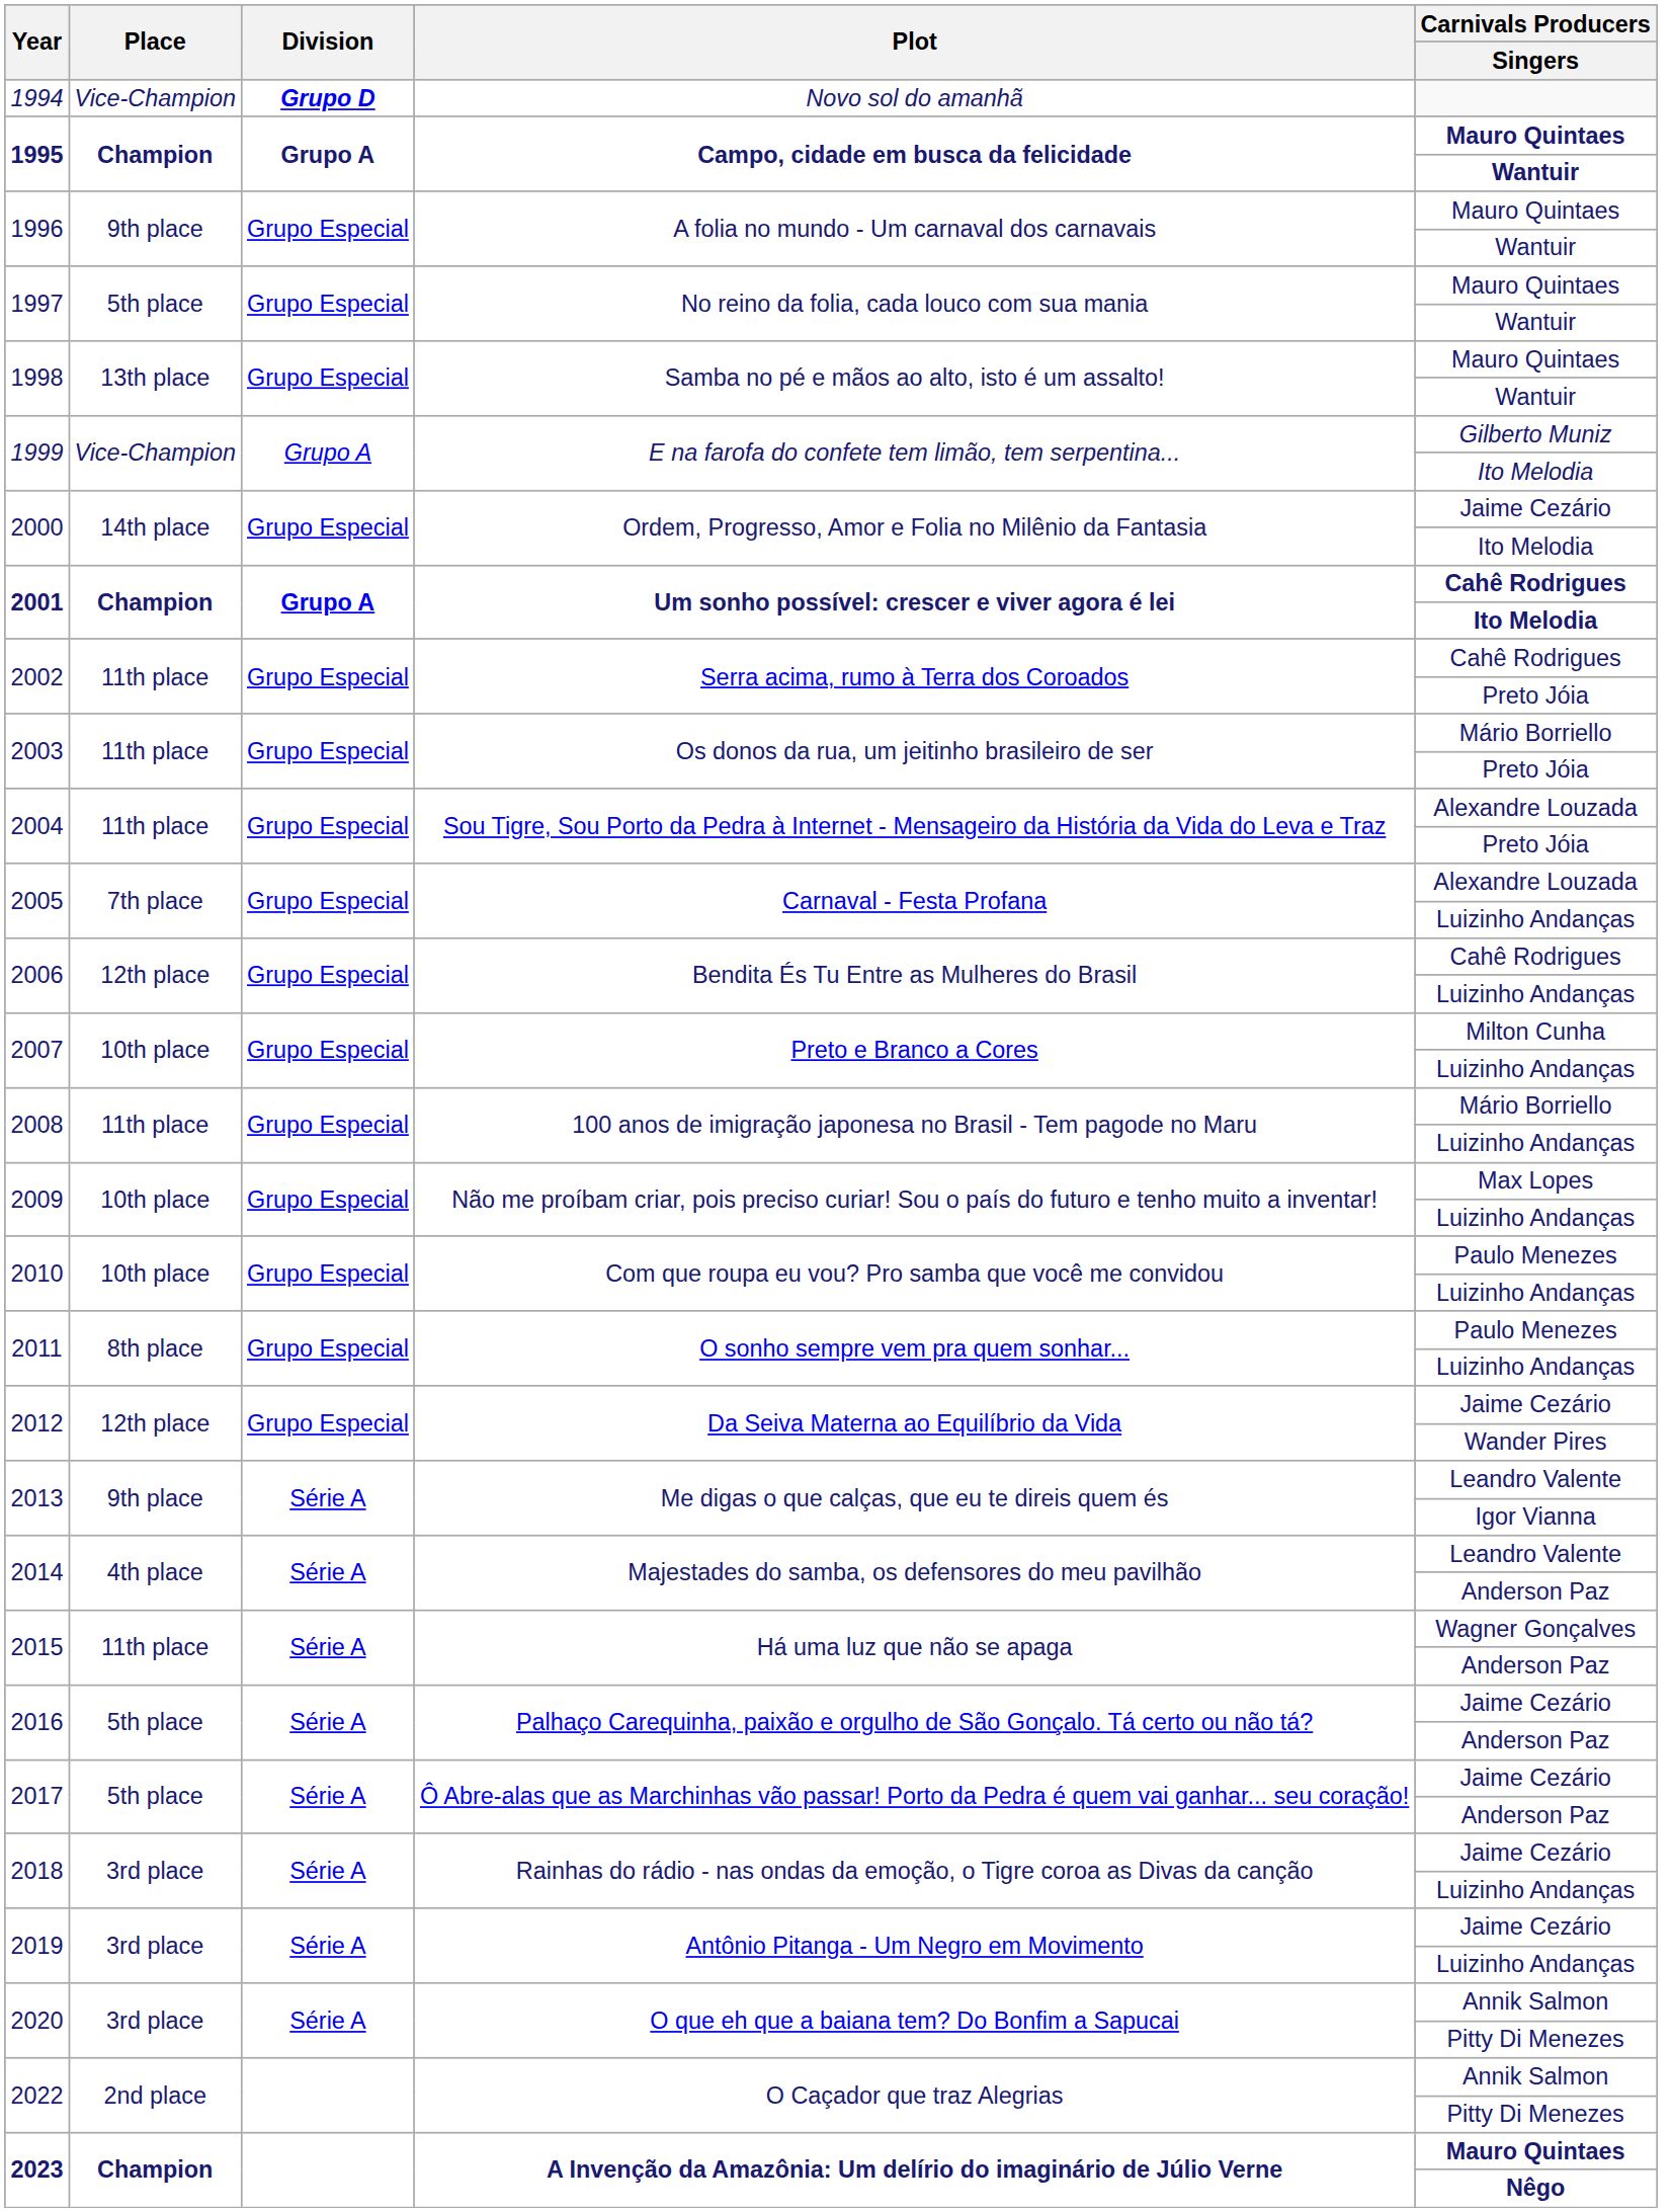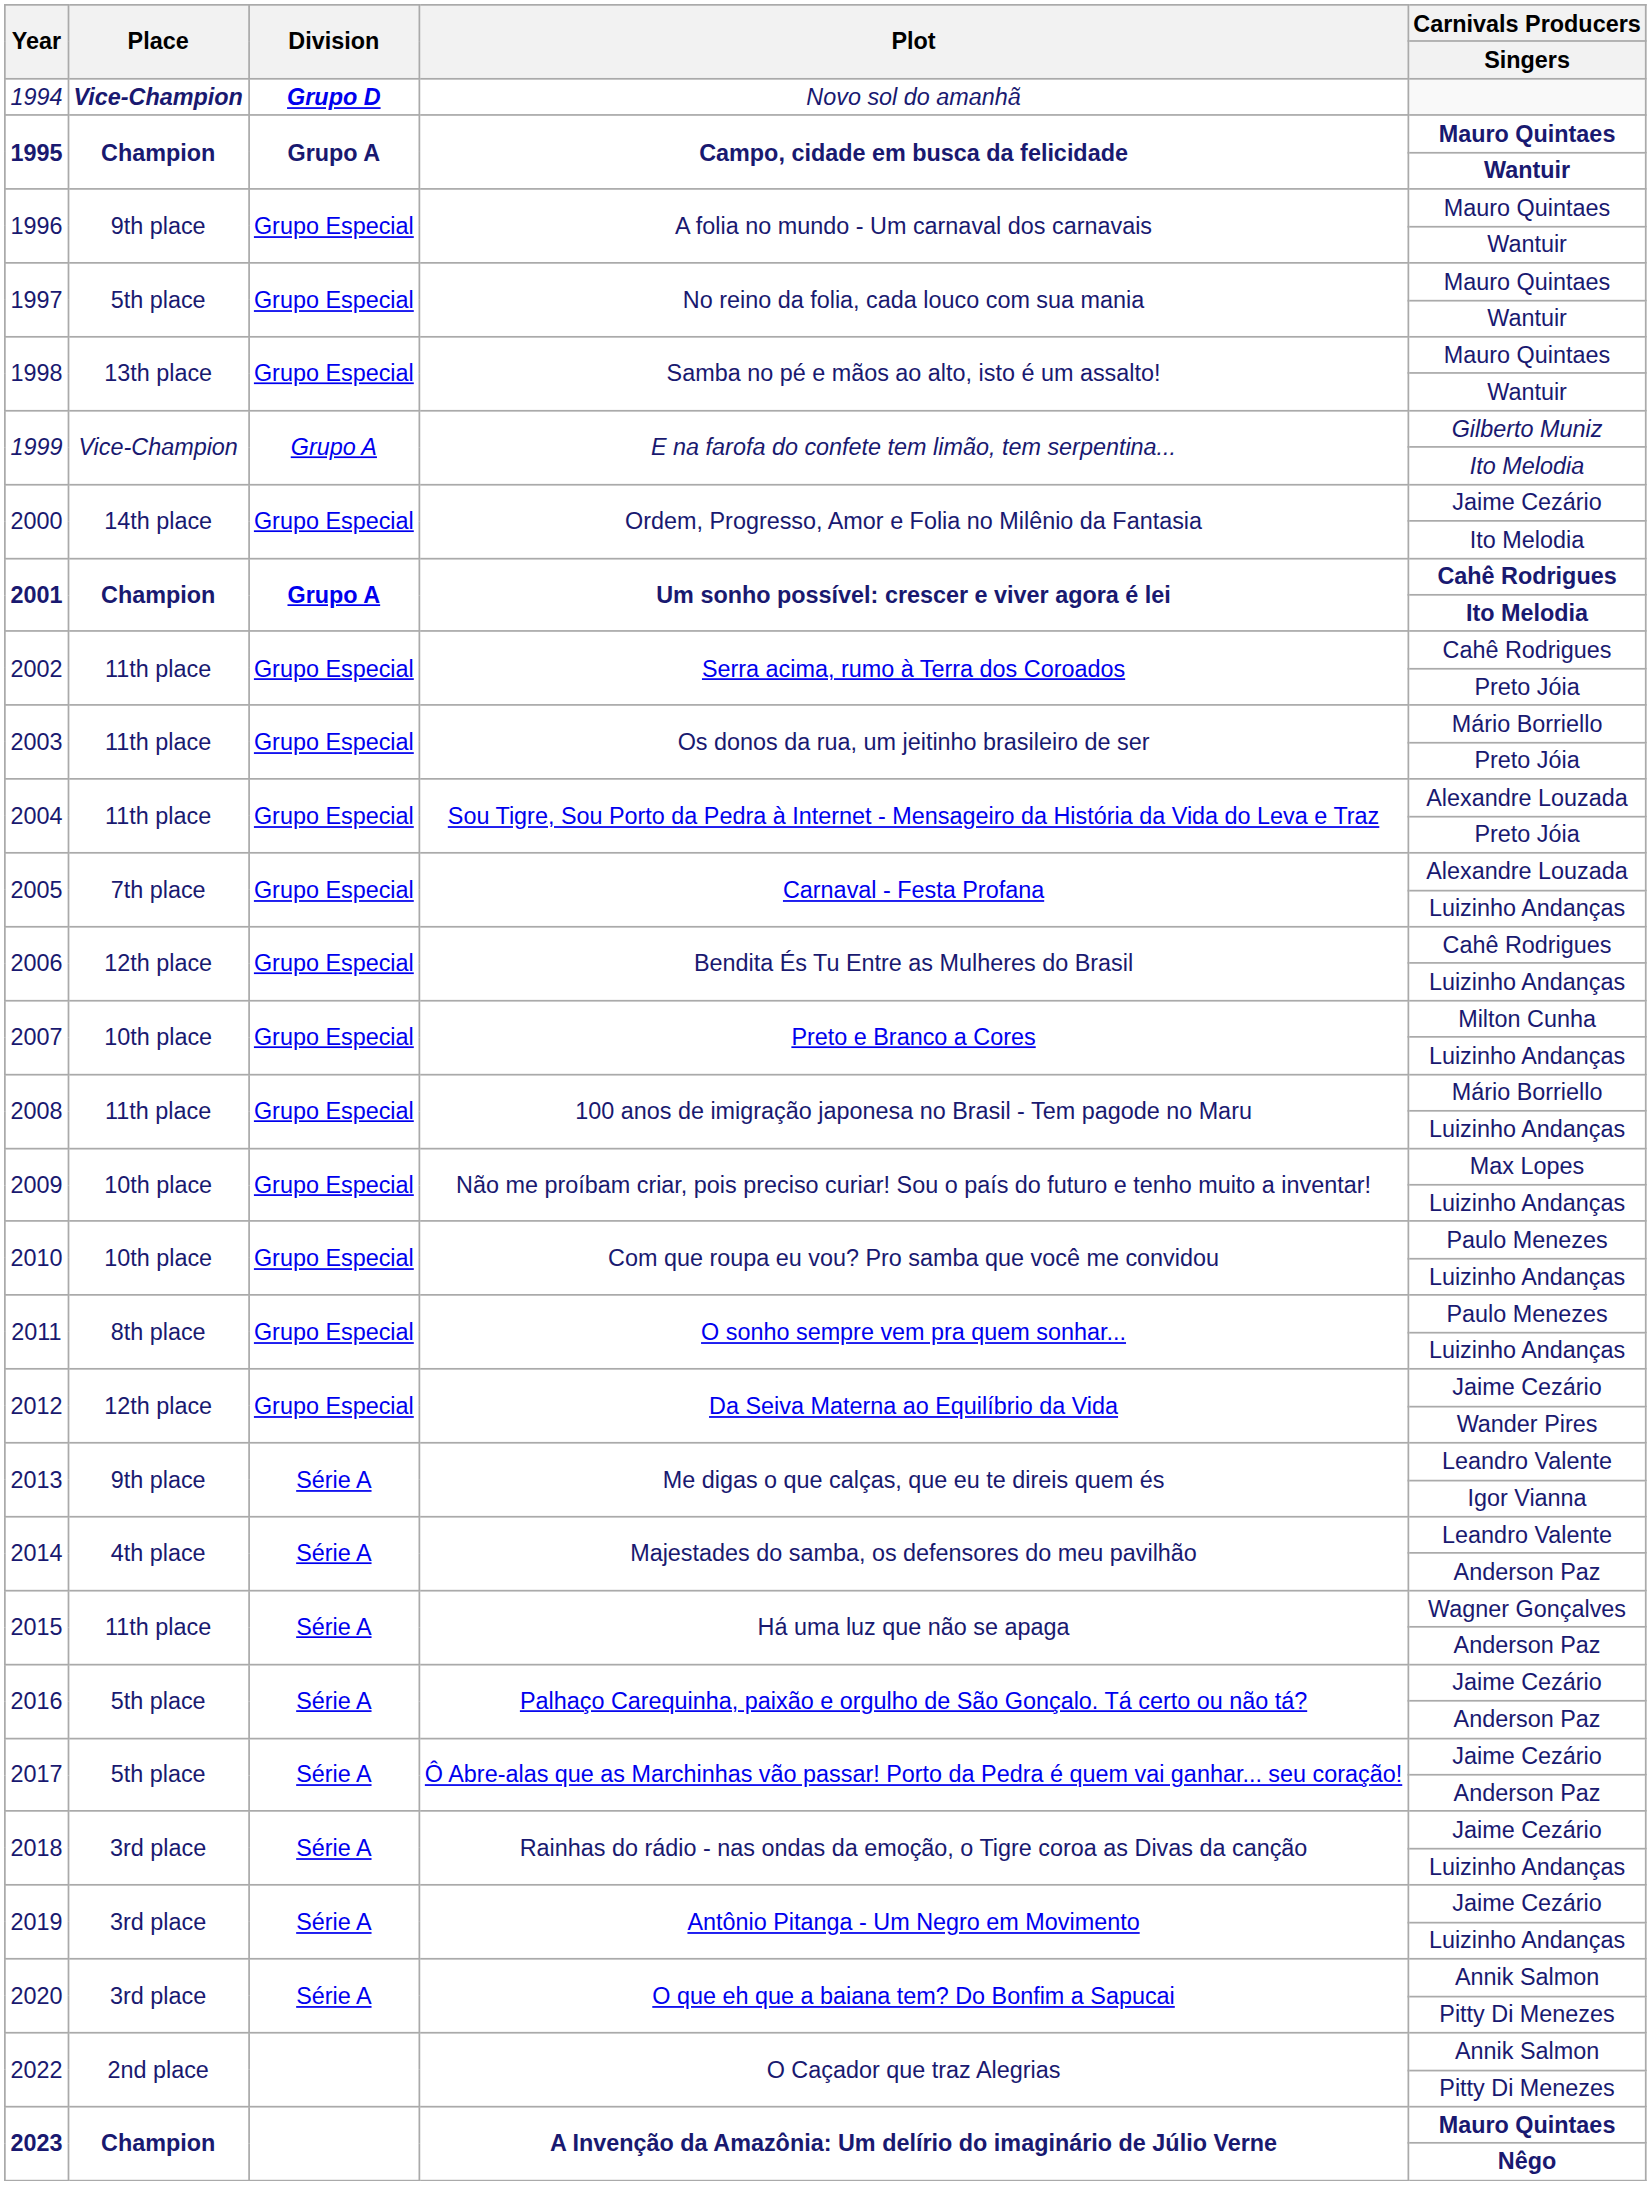 <table class="wikitable sortable" style="text-align:center; font-size:85%">
 <tr align="center">
 <th rowspan="2">Year</th>
 <th rowspan="2">Place</th>
 <th rowspan="2">Division</th>
 <th rowspan="2">Plot</th>
 <th>Carnivals Producers</th>
 </tr>
 <tr align="center">
 <th>Singers</th>
 </tr>
 <tr style="background-color:white; color:midnightblue">
 <td><em>1994</em></td>
-<td><em>Vice-Champion</em></td>
+<td><strong><em>Vice-Champion</em></strong></td>
 <td><strong><em><a href='#'>Grupo D</a></em></strong></td>
 <td><em>Novo sol do amanhã</em></td>
 </tr>
 <tr style="background-color:white; color:midnightblue">
 <td rowspan="2"><strong>1995</strong></td>
 <td rowspan="2"><strong>Champion</strong></td>
 <td rowspan="2"><strong><span>Grupo A</span></strong></td>
 <td rowspan="2"><strong>Campo, cidade em busca da felicidade</strong></td>
 <td><strong>Mauro Quintaes</strong></td>
 </tr>
 <tr style="background-color:white; color:midnightblue">
 <td><strong>Wantuir</strong></td>
 </tr>
 <tr style="background-color:white; color:midnightblue">
 <td rowspan="2">1996</td>
 <td rowspan="2">9th place</td>
 <td rowspan="2"><a href='#'>Grupo Especial</a></td>
 <td rowspan="2">A folia no mundo - Um carnaval dos carnavais</td>
 <td>Mauro Quintaes</td>
 </tr>
 <tr style="background-color:white; color:midnightblue">
 <td>Wantuir</td>
 </tr>
 <tr style="background-color:white; color:midnightblue">
 <td rowspan="2">1997</td>
 <td rowspan="2">5th place</td>
 <td rowspan="2"><a href='#'>Grupo Especial</a></td>
 <td rowspan="2">No reino da folia, cada louco com sua mania</td>
 <td>Mauro Quintaes</td>
 </tr>
 <tr style="background-color:white; color:midnightblue">
 <td>Wantuir</td>
 </tr>
 <tr style="background-color:white; color:midnightblue">
 <td rowspan="2">1998</td>
 <td rowspan="2">13th place</td>
 <td rowspan="2"><a href='#'>Grupo Especial</a></td>
 <td rowspan="2">Samba no pé e mãos ao alto, isto é um assalto!</td>
 <td>Mauro Quintaes</td>
 </tr>
 <tr style="background-color:white; color:midnightblue">
 <td>Wantuir</td>
 </tr>
 <tr style="background-color:white; color:midnightblue">
 <td rowspan="2"><em>1999</em></td>
 <td rowspan="2"><em>Vice-Champion</em></td>
 <td rowspan="2"><em><a href='#'>Grupo A</a></em></td>
 <td rowspan="2"><em>E na farofa do confete tem limão, tem serpentina...</em></td>
 <td><em>Gilberto Muniz</em></td>
 </tr>
 <tr style="background-color:white; color:midnightblue">
 <td><em>Ito Melodia</em></td>
 </tr>
 <tr style="background-color:white; color:midnightblue">
 <td rowspan="2">2000</td>
 <td rowspan="2">14th place</td>
 <td rowspan="2"><a href='#'>Grupo Especial</a></td>
 <td rowspan="2">Ordem, Progresso, Amor e Folia no Milênio da Fantasia</td>
 <td>Jaime Cezário</td>
 </tr>
 <tr style="background-color:white; color:midnightblue">
 <td>Ito Melodia</td>
 </tr>
 <tr style="background-color:white; color:midnightblue">
 <td rowspan="2"><strong>2001</strong></td>
 <td rowspan="2"><strong>Champion</strong></td>
 <td rowspan="2"><strong><a href='#'>Grupo A</a></strong></td>
 <td rowspan="2"><strong>Um sonho possível: crescer e viver agora é lei</strong></td>
 <td><strong>Cahê Rodrigues</strong></td>
 </tr>
 <tr style="background-color:white; color:midnightblue">
 <td><strong>Ito Melodia</strong></td>
 </tr>
 <tr style="background-color:white; color:midnightblue">
 <td rowspan="2">2002</td>
 <td rowspan="2">11th place</td>
 <td rowspan="2"><a href='#'>Grupo Especial</a></td>
 <td rowspan="2"><a href='#'>Serra acima, rumo à Terra dos Coroados</a></td>
 <td>Cahê Rodrigues</td>
 </tr>
 <tr style="background-color:white; color:midnightblue">
 <td>Preto Jóia</td>
 </tr>
 <tr style="background-color:white; color:midnightblue">
 <td rowspan="2">2003</td>
 <td rowspan="2">11th place</td>
 <td rowspan="2"><a href='#'>Grupo Especial</a></td>
 <td rowspan="2">Os donos da rua, um jeitinho brasileiro de ser</td>
 <td>Mário Borriello</td>
 </tr>
 <tr style="background-color:white; color:midnightblue">
 <td>Preto Jóia</td>
 </tr>
 <tr style="background-color:white; color:midnightblue">
 <td rowspan="2">2004</td>
 <td rowspan="2">11th place</td>
 <td rowspan="2"><a href='#'>Grupo Especial</a></td>
 <td rowspan="2"><a href='#'>Sou Tigre, Sou Porto da Pedra à Internet - Mensageiro da História da Vida do Leva e Traz</a></td>
 <td>Alexandre Louzada</td>
 </tr>
 <tr style="background-color:white; color:midnightblue">
 <td>Preto Jóia</td>
 </tr>
 <tr style="background-color:white; color:midnightblue">
 <td rowspan="2">2005</td>
 <td rowspan="2">7th place</td>
 <td rowspan="2"><a href='#'>Grupo Especial</a></td>
 <td rowspan="2"><a href='#'>Carnaval - Festa Profana</a></td>
 <td>Alexandre Louzada</td>
 </tr>
 <tr style="background-color:white; color:midnightblue">
 <td>Luizinho Andanças</td>
 </tr>
 <tr style="background-color:white; color:midnightblue">
 <td rowspan="2">2006</td>
 <td rowspan="2">12th place</td>
 <td rowspan="2"><a href='#'>Grupo Especial</a></td>
 <td rowspan="2">Bendita És Tu Entre as Mulheres do Brasil</td>
 <td>Cahê Rodrigues</td>
 </tr>
 <tr style="background-color:white; color:midnightblue">
 <td>Luizinho Andanças</td>
 </tr>
 <tr style="background-color:white; color:midnightblue">
 <td rowspan="2">2007</td>
 <td rowspan="2">10th place</td>
 <td rowspan="2"><a href='#'>Grupo Especial</a></td>
 <td rowspan="2"><a href='#'>Preto e Branco a Cores</a></td>
 <td>Milton Cunha</td>
 </tr>
 <tr style="background-color:white; color:midnightblue">
 <td>Luizinho Andanças</td>
 </tr>
 <tr style="background-color:white; color:midnightblue">
 <td rowspan="2">2008</td>
 <td rowspan="2">11th place</td>
 <td rowspan="2"><a href='#'>Grupo Especial</a></td>
 <td rowspan="2">100 anos de imigração japonesa no Brasil - Tem pagode no Maru</td>
 <td>Mário Borriello</td>
 </tr>
 <tr style="background-color:white; color:midnightblue">
 <td>Luizinho Andanças</td>
 </tr>
 <tr style="background-color:white; color:midnightblue">
 <td rowspan="2">2009</td>
 <td rowspan="2">10th place</td>
 <td rowspan="2"><a href='#'>Grupo Especial</a></td>
 <td rowspan="2">Não me proíbam criar, pois preciso curiar! Sou o país do futuro e tenho muito a inventar!</td>
 <td>Max Lopes</td>
 </tr>
 <tr style="background-color:white; color:midnightblue">
 <td>Luizinho Andanças</td>
 </tr>
 <tr style="background-color:white; color:midnightblue">
 <td rowspan="2">2010</td>
 <td rowspan="2">10th place</td>
 <td rowspan="2"><a href='#'>Grupo Especial</a></td>
 <td rowspan="2">Com que roupa eu vou? Pro samba que você me convidou</td>
 <td>Paulo Menezes</td>
 </tr>
 <tr style="background-color:white; color:midnightblue">
 <td>Luizinho Andanças</td>
 </tr>
 <tr style="background-color:white; color:midnightblue">
 <td rowspan="2">2011</td>
 <td rowspan="2">8th place</td>
 <td rowspan="2"><a href='#'>Grupo Especial</a></td>
 <td rowspan="2"><a href='#'>O sonho sempre vem pra quem sonhar...</a></td>
 <td>Paulo Menezes</td>
 </tr>
 <tr style="background-color:white; color:midnightblue">
 <td>Luizinho Andanças</td>
 </tr>
 <tr style="background-color:white; color:midnightblue">
 <td rowspan="2">2012</td>
 <td rowspan="2">12th place</td>
 <td rowspan="2"><a href='#'>Grupo Especial</a></td>
 <td rowspan="2"><a href='#'>Da Seiva Materna ao Equilíbrio da Vida</a></td>
 <td>Jaime Cezário</td>
 </tr>
 <tr style="background-color:white; color:midnightblue">
 <td>Wander Pires</td>
 </tr>
 <tr style="background-color:white; color:midnightblue">
 <td rowspan="2">2013</td>
 <td rowspan="2">9th place</td>
 <td rowspan="2"><a href='#'>Série A</a></td>
 <td rowspan="2">Me digas o que calças, que eu te direis quem és</td>
 <td>Leandro Valente</td>
 </tr>
 <tr style="background-color:white; color:midnightblue">
 <td>Igor Vianna</td>
 </tr>
 <tr style="background-color:white; color:midnightblue">
 <td rowspan="2">2014</td>
 <td rowspan="2">4th place</td>
 <td rowspan="2"><a href='#'>Série A</a></td>
 <td rowspan="2">Majestades do samba, os defensores do meu pavilhão</td>
 <td>Leandro Valente</td>
 </tr>
 <tr style="background-color:white; color:midnightblue">
 <td>Anderson Paz</td>
 </tr>
 <tr style="background-color:white; color:midnightblue">
 <td rowspan="2">2015</td>
 <td rowspan="2">11th place</td>
 <td rowspan="2"><a href='#'>Série A</a></td>
 <td rowspan="2">Há uma luz que não se apaga</td>
 <td>Wagner Gonçalves</td>
 </tr>
 <tr style="background-color:white; color:midnightblue">
 <td>Anderson Paz</td>
 </tr>
 <tr style="background-color:white; color:midnightblue">
 <td rowspan="2">2016</td>
 <td rowspan="2">5th place</td>
 <td rowspan="2"><a href='#'>Série A</a></td>
 <td rowspan="2"><a href='#'>Palhaço Carequinha, paixão e orgulho de São Gonçalo. Tá certo ou não tá?</a></td>
 <td>Jaime Cezário</td>
 </tr>
 <tr style="background-color:white; color:midnightblue">
 <td>Anderson Paz</td>
 </tr>
 <tr style="background-color:white; color:midnightblue">
 <td rowspan="2">2017</td>
 <td rowspan="2">5th place</td>
 <td rowspan="2"><a href='#'>Série A</a></td>
 <td rowspan="2"><a href='#'>Ô Abre-alas que as Marchinhas vão passar! Porto da Pedra é quem vai ganhar... seu coração!</a></td>
 <td>Jaime Cezário</td>
 </tr>
 <tr style="background-color:white; color:midnightblue">
 <td>Anderson Paz</td>
 </tr>
 <tr style="background-color:white; color:midnightblue">
 <td rowspan="2">2018</td>
 <td rowspan="2">3rd place</td>
 <td rowspan="2"><a href='#'>Série A</a></td>
 <td rowspan="2">Rainhas do rádio - nas ondas da emoção, o Tigre coroa as Divas da canção</td>
 <td>Jaime Cezário</td>
 </tr>
 <tr style="background-color:white; color:midnightblue">
 <td>Luizinho Andanças</td>
 </tr>
 <tr style="background-color:white; color:midnightblue">
 <td rowspan="2">2019</td>
 <td rowspan="2">3rd place</td>
 <td rowspan="2"><a href='#'>Série A</a></td>
 <td rowspan="2"><a href='#'>Antônio Pitanga - Um Negro em Movimento</a></td>
 <td>Jaime Cezário</td>
 </tr>
 <tr style="background-color:white; color:midnightblue">
 <td>Luizinho Andanças</td>
 </tr>
 <tr style="background-color:white; color:midnightblue">
 <td rowspan="2">2020</td>
 <td rowspan="2">3rd place</td>
 <td rowspan="2"><a href='#'>Série A</a></td>
 <td rowspan="2"><a href='#'>O que eh que a baiana tem? Do Bonfim a Sapucai</a></td>
 <td>Annik Salmon</td>
 </tr>
 <tr style="background-color:white; color:midnightblue">
 <td>Pitty Di Menezes</td>
 </tr>
 <tr style="background-color:white; color:midnightblue">
 <td rowspan="2">2022</td>
 <td rowspan="2">2nd place</td>
 <td rowspan="2"></td>
 <td rowspan="2">O Caçador que traz Alegrias</td>
 <td>Annik Salmon</td>
 </tr>
 <tr style="background-color:white; color:midnightblue">
 <td>Pitty Di Menezes</td>
 </tr>
 <tr style="background-color:white; color:midnightblue">
 <td rowspan="2"><strong>2023</strong></td>
 <td rowspan="2"><strong>Champion</strong></td>
 <td rowspan="2"><strong></strong></td>
 <td rowspan="2"><strong>A Invenção da Amazônia: Um delírio do imaginário de Júlio Verne</strong></td>
 <td><strong>Mauro Quintaes</strong></td>
 </tr>
 <tr style="background-color:white; color:midnightblue">
 <td><strong>Nêgo</strong></td>
 </tr>
 </table>
